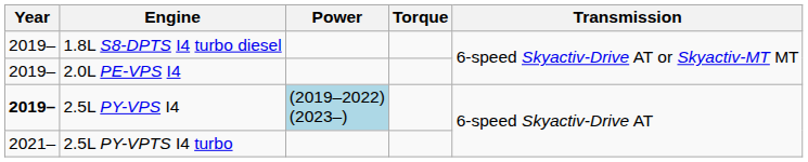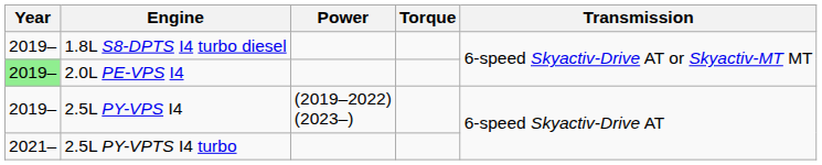 <table class="wikitable">
 <tr>
 <th>Year</th>
 <th>Engine</th>
 <th>Power</th>
 <th>Torque</th>
 <th>Transmission</th>
 </tr>
 <tr>
 <td>2019–</td>
 <td>1.8L <a href='#'><em>S8-DPTS</em></a> <a href='#'>I4</a> <a href='#'>turbo diesel</a></td>
 <td></td>
 <td></td>
 <td rowspan="2">6-speed <em><a href='#'>Skyactiv-Drive</a></em> AT or <em><a href='#'>Skyactiv-MT</a></em> MT</td>
 </tr>
 <tr>
-<td>2019–</td>
+<td style="background: lightgreen;">2019–</td>
 <td>2.0L <em><a href='#'>PE-VPS</a></em> <a href='#'>I4</a></td>
 <td></td>
 <td></td>
 </tr>
 <tr>
-<td><strong>2019–</strong></td>
+<td>2019–</td>
 <td>2.5L <em><a href='#'>PY-VPS</a></em> I4</td>
-<td style="background: lightblue;"> (2019–2022)<br> (2023–)</td>
+<td> (2019–2022)<br> (2023–)</td>
 <td></td>
 <td rowspan="2">6-speed <em>Skyactiv-Drive</em> AT</td>
 </tr>
 <tr>
 <td>2021–</td>
 <td>2.5L <em>PY-VPTS</em> I4 <a href='#'>turbo</a></td>
 <td></td>
 <td></td>
 </tr>
 </table>
